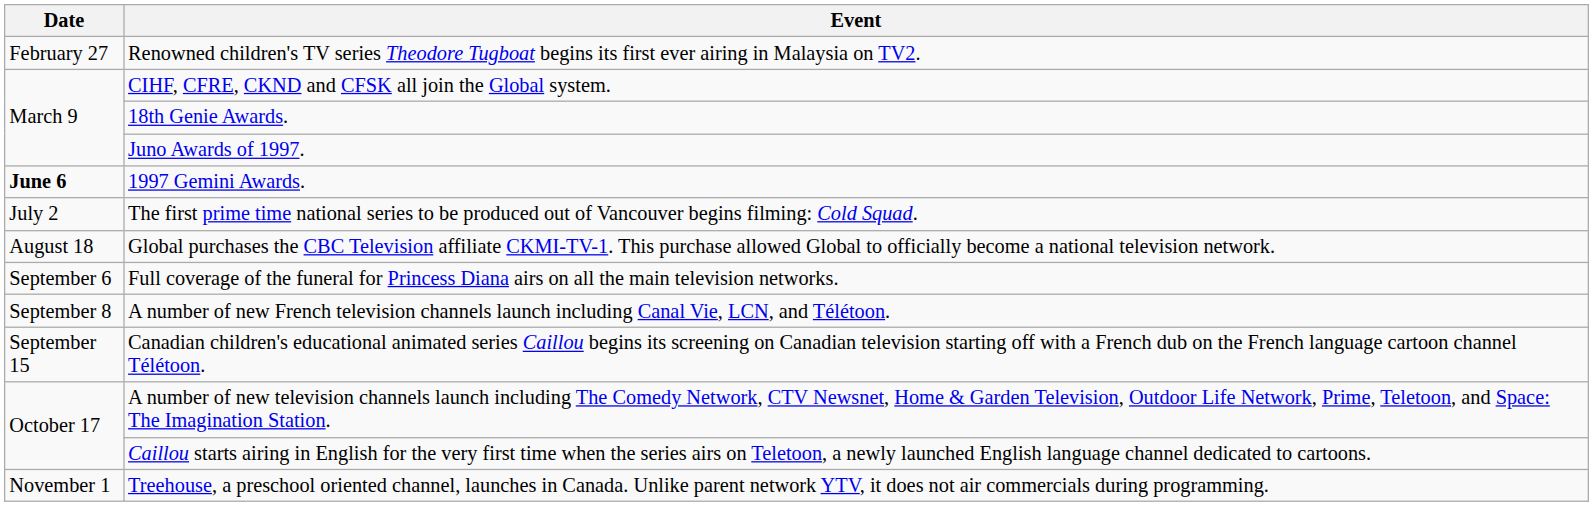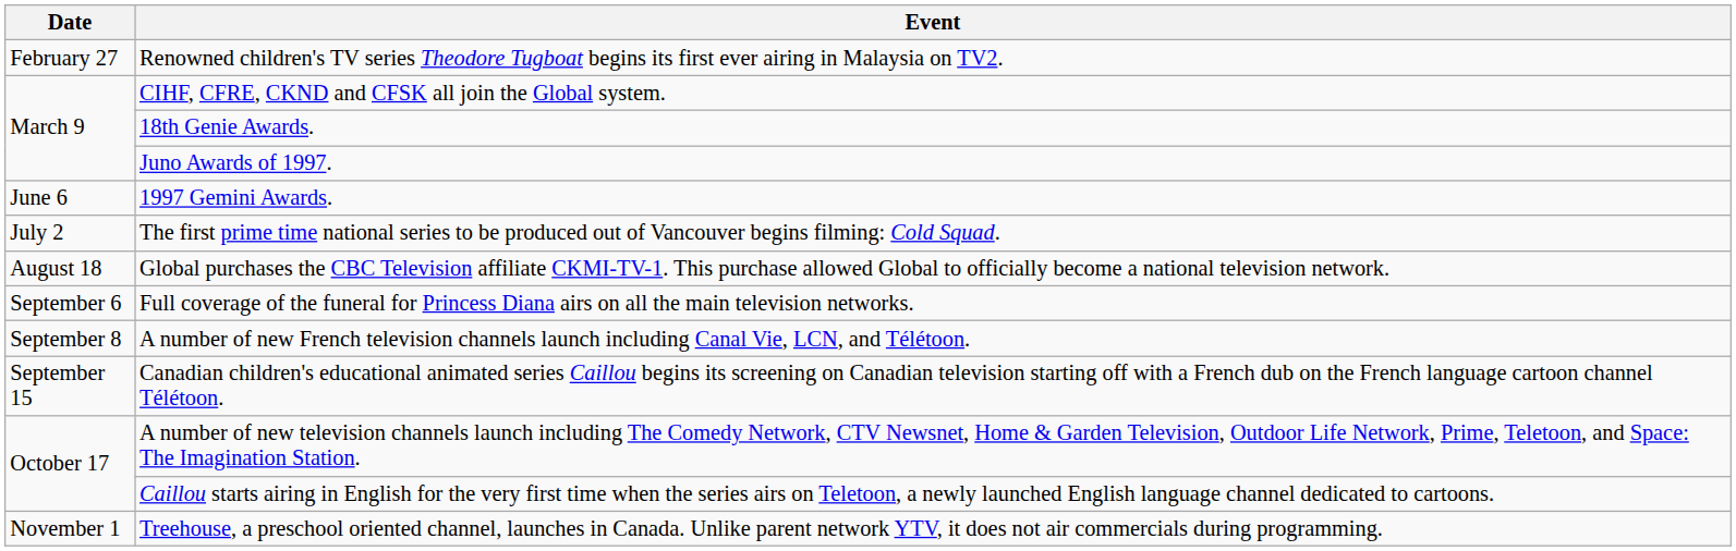 <table class="wikitable">
 <tr>
 <th>Date</th>
 <th>Event</th>
 </tr>
 <tr>
 <td>February 27</td>
 <td>Renowned children's TV series <em><a href='#'>Theodore Tugboat</a></em> begins its first ever airing in Malaysia on <a href='#'>TV2</a>.</td>
 </tr>
 <tr>
 <td rowspan="3">March 9</td>
 <td><a href='#'>CIHF</a>, <a href='#'>CFRE</a>, <a href='#'>CKND</a> and <a href='#'>CFSK</a> all join the <a href='#'>Global</a> system.</td>
 </tr>
 <tr>
 <td><a href='#'>18th Genie Awards</a>.</td>
 </tr>
 <tr>
 <td><a href='#'>Juno Awards of 1997</a>.</td>
 </tr>
 <tr>
-<td><strong>June 6</strong></td>
+<td>June 6</td>
 <td><a href='#'>1997 Gemini Awards</a>.</td>
 </tr>
 <tr>
 <td>July 2</td>
 <td>The first <a href='#'>prime time</a> national series to be produced out of Vancouver begins filming: <em><a href='#'>Cold Squad</a></em>.</td>
 </tr>
 <tr>
 <td>August 18</td>
 <td>Global purchases the <a href='#'>CBC Television</a> affiliate <a href='#'>CKMI-TV-1</a>. This purchase allowed Global to officially become a national television network.</td>
 </tr>
 <tr>
 <td>September 6</td>
 <td>Full coverage of the funeral for <a href='#'>Princess Diana</a> airs on all the main television networks.</td>
 </tr>
 <tr>
 <td>September 8</td>
 <td>A number of new French television channels launch including <a href='#'>Canal Vie</a>, <a href='#'>LCN</a>, and <a href='#'>Télétoon</a>.</td>
 </tr>
 <tr>
 <td>September 15</td>
 <td>Canadian children's educational animated series <em><a href='#'>Caillou</a></em> begins its screening on Canadian television starting off with a French dub on the French language cartoon channel <a href='#'>Télétoon</a>.</td>
 </tr>
 <tr>
 <td rowspan="2">October 17</td>
 <td>A number of new television channels launch including <a href='#'>The Comedy Network</a>, <a href='#'>CTV Newsnet</a>, <a href='#'>Home & Garden Television</a>, <a href='#'>Outdoor Life Network</a>, <a href='#'>Prime</a>, <a href='#'>Teletoon</a>, and <a href='#'>Space: The Imagination Station</a>.</td>
 </tr>
 <tr>
 <td><em><a href='#'>Caillou</a></em> starts airing in English for the very first time when the series airs on <a href='#'>Teletoon</a>, a newly launched English language channel dedicated to cartoons.</td>
 </tr>
 <tr>
 <td>November 1</td>
 <td><a href='#'>Treehouse</a>, a preschool oriented channel, launches in Canada. Unlike parent network <a href='#'>YTV</a>, it does not air commercials during programming.</td>
 </tr>
 </table>
